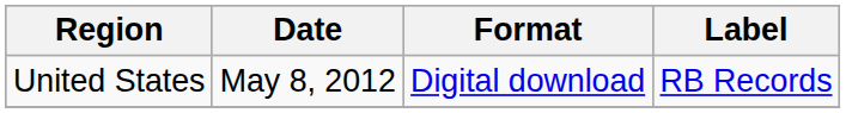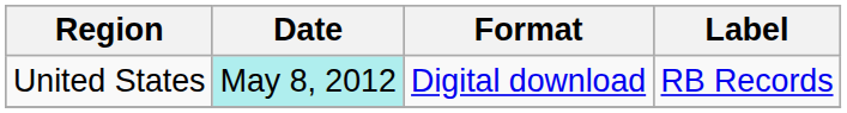 <table class="wikitable plainrowheaders">
 <tr>
 <th>Region</th>
 <th>Date</th>
 <th>Format</th>
 <th>Label</th>
 </tr>
 <tr>
 <td>United States</td>
-<td rowspan="1">May 8, 2012</td>
+<td rowspan="1" style="background: paleturquoise;">May 8, 2012</td>
 <td><a href='#'>Digital download</a></td>
 <td><a href='#'>RB Records</a></td>
 </tr>
 <tr>
 </tr>
 </table>
